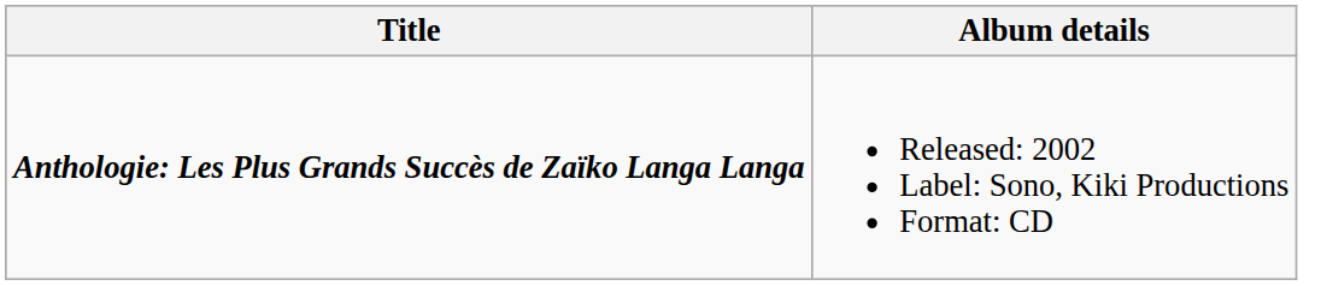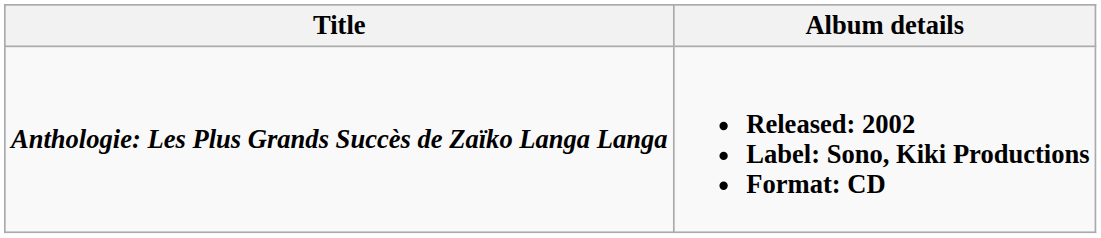 <table class="wikitable">
 <tr>
 <th>Title</th>
 <th>Album details</th>
 </tr>
 <tr>
 <td><strong><em>Anthologie: Les Plus Grands Succès de Zaïko Langa Langa</em></strong></td>
-<td><br><ul><li>Released: 2002</li><li>Label: Sono, Kiki Productions</li><li>Format: CD</li></ul></td>
+<td><strong><br><ul><li>Released: 2002</li><li>Label: Sono, Kiki Productions</li><li>Format: CD</li></ul></strong></td>
 </tr>
 </table>
